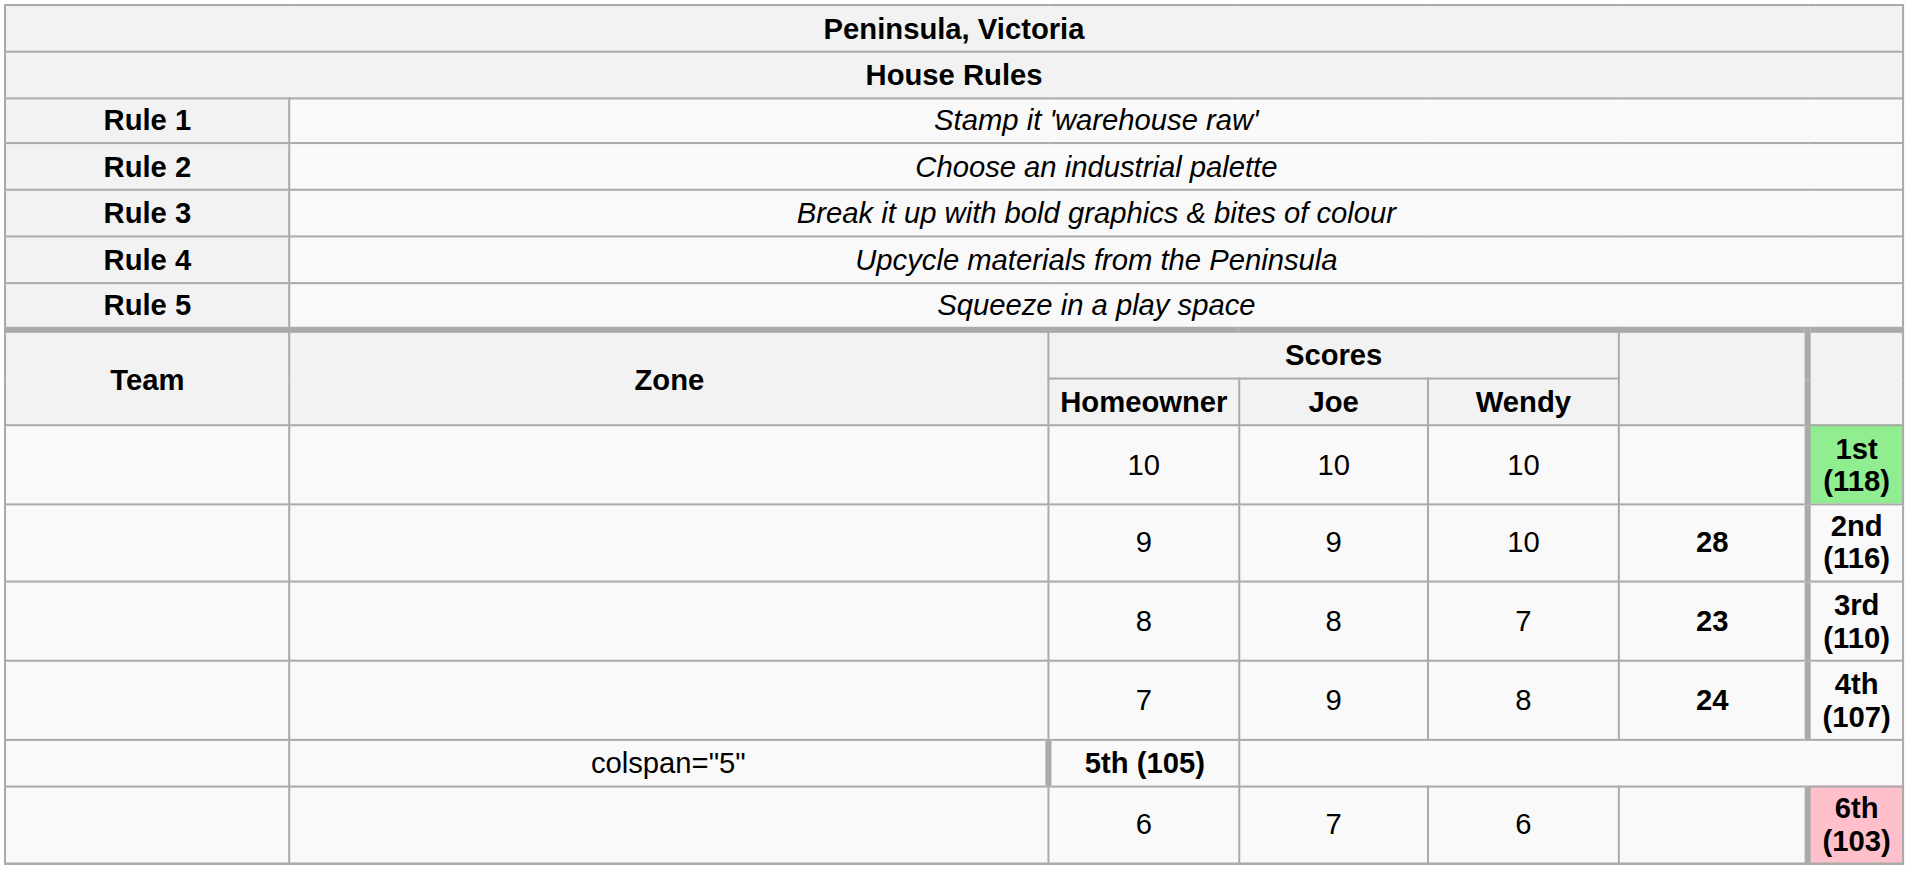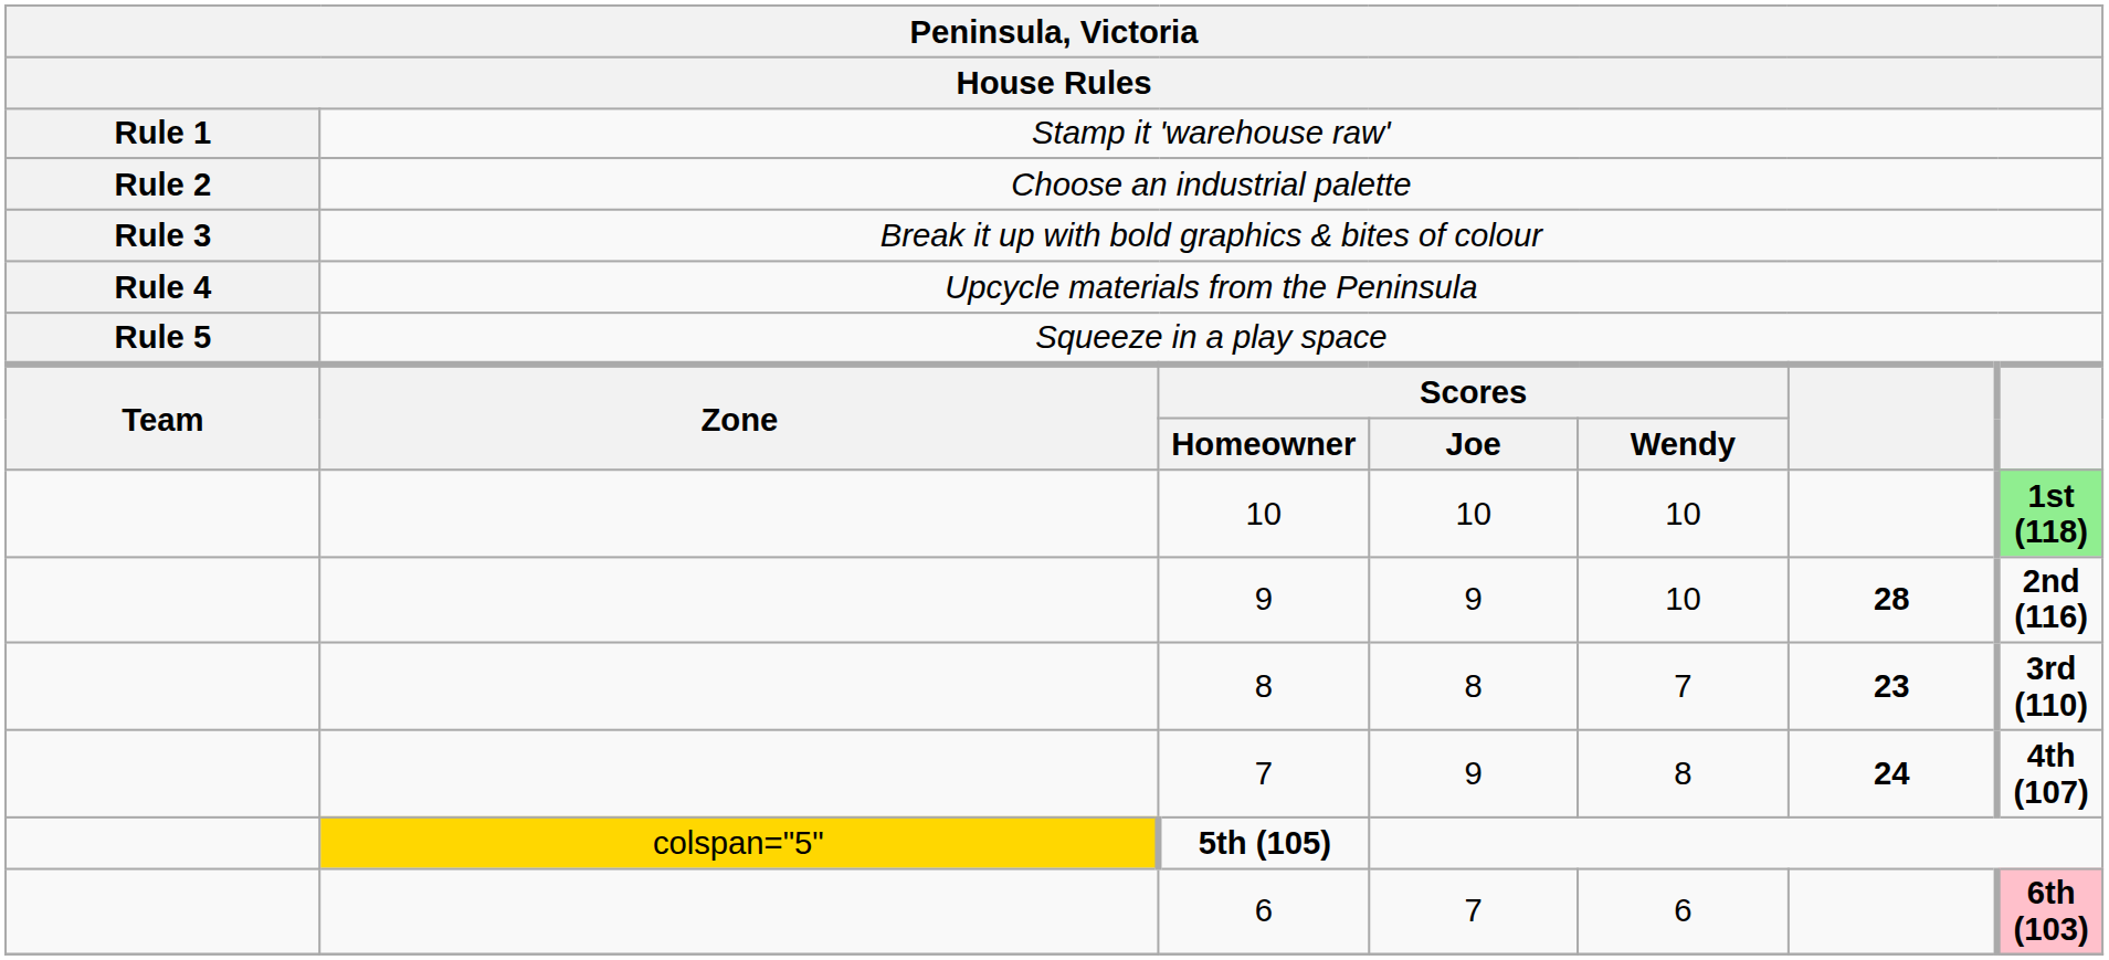 <table class="wikitable plainrowheaders" style="text-align:center; font-size:90%; width:65em;">
 <tr>
 <th colspan="7" >Peninsula, Victoria</th>
 </tr>
 <tr>
 <th colspan="7">House Rules</th>
 </tr>
 <tr>
 <th>Rule 1</th>
 <td colspan="6"><em>Stamp it 'warehouse raw' </em></td>
 </tr>
 <tr>
 <th>Rule 2</th>
 <td colspan="6"><em>Choose an industrial palette</em></td>
 </tr>
 <tr>
 <th>Rule 3</th>
 <td colspan="6"><em>Break it up with bold graphics & bites of colour</em></td>
 </tr>
 <tr>
 <th>Rule 4</th>
 <td colspan="6"><em>Upcycle materials from the Peninsula</em></td>
 </tr>
 <tr>
 <th>Rule 5</th>
 <td colspan="6"><em>Squeeze in a play space</em></td>
 </tr>
 <tr style="border-top:3px solid #aaa;">
 <th rowspan="2">Team</th>
 <th rowspan="2" style="width:40%;">Zone</th>
 <th colspan="3" style="width:40%;">Scores</th>
 <th rowspan="2" style="width:10%;"></th>
 <th rowspan="2" style="width:10%; border-left:3px solid #aaa;"></th>
 </tr>
 <tr>
 <th style="width:10%;">Homeowner</th>
 <th style="width:10%;">Joe</th>
 <th style="width:10%;">Wendy</th>
 </tr>
 <tr>
 <td style="width:15%;"></td>
 <td></td>
 <td>10</td>
 <td>10</td>
 <td>10</td>
 <td></td>
 <td style="border-left:3px solid #aaa;"bgcolor="lightgreen"><strong>1st (118)</strong></td>
 </tr>
 <tr>
 <td style="width:15%;"></td>
 <td></td>
 <td>9</td>
 <td>9</td>
 <td>10</td>
 <td><strong>28</strong></td>
 <td style="border-left:3px solid #aaa;"><strong>2nd (116)</strong></td>
 </tr>
 <tr>
 <td style="width:15%;"></td>
 <td></td>
 <td>8</td>
 <td>8</td>
 <td>7</td>
 <td><strong>23</strong></td>
 <td style="border-left:3px solid #aaa;"><strong>3rd (110)</strong></td>
 </tr>
 <tr>
 <td style="width:15%;"></td>
 <td></td>
 <td>7</td>
 <td>9</td>
 <td>8</td>
 <td><strong>24</strong></td>
 <td style="border-left:3px solid #aaa;"><strong>4th (107)</strong></td>
 </tr>
 <tr>
 <td style="width:15%;"></td>
-<td>colspan="5" </td>
+<td style="background: gold;">colspan="5" </td>
 <td style="border-left:3px solid #aaa;"><strong>5th (105)</strong></td>
 </tr>
 <tr>
 <td style="width:15%;"></td>
 <td></td>
 <td>6</td>
 <td>7</td>
 <td>6</td>
 <td></td>
 <td style="border-left:3px solid #aaa;"bgcolor="pink"><strong>6th (103)</strong></td>
 </tr>
 <tr>
 </tr>
 </table>
